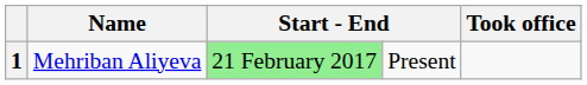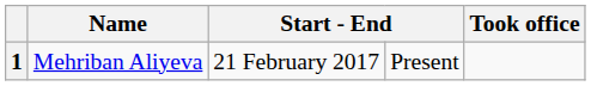 <table class="wikitable" style="text-align:center">
 <tr>
 <th></th>
 <th>Name</th>
 <th colspan=2=>Start - End</th>
 <th>Took office</th>
 </tr>
 <tr>
 <th>1</th>
 <td><a href='#'>Mehriban Aliyeva</a></td>
-<td style="background: lightgreen;">21 February 2017</td>
+<td>21 February 2017</td>
 <td>Present</td>
 <td></td>
 </tr>
 </table>
